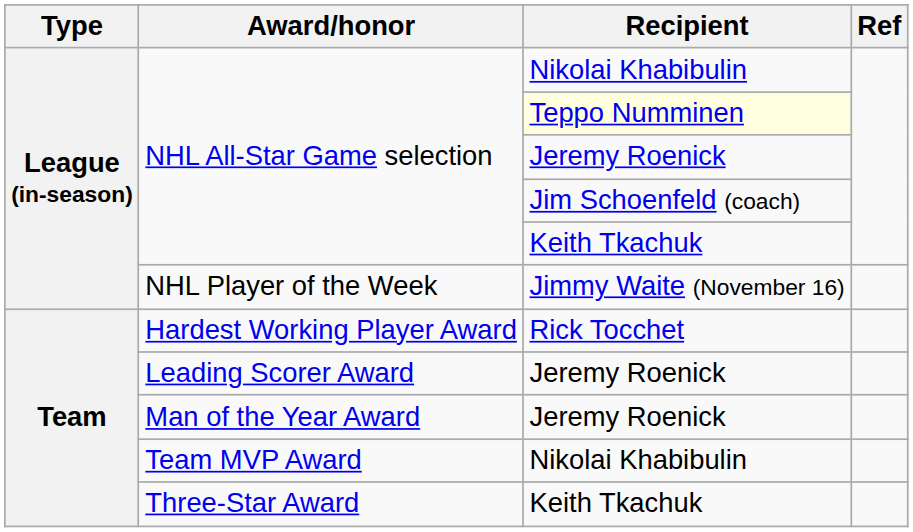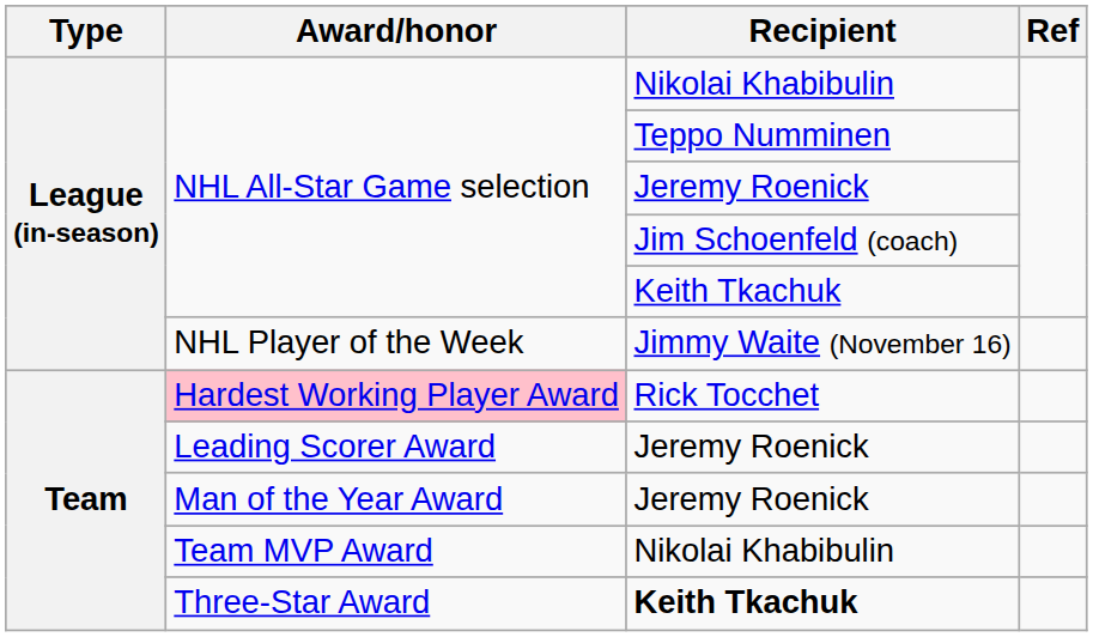 <table class="wikitable">
 <tr>
 <th scope="col">Type</th>
 <th scope="col">Award/honor</th>
 <th scope="col">Recipient</th>
 <th scope="col">Ref</th>
 </tr>
 <tr>
 <th scope="row" rowspan="6">League<br><small>(in-season)</small></th>
 <td rowspan="5"><a href='#'>NHL All-Star Game</a> selection</td>
 <td><a href='#'>Nikolai Khabibulin</a></td>
 <td rowspan="5"></td>
 </tr>
 <tr>
-<td style="background: lightyellow;"><a href='#'>Teppo Numminen</a></td>
+<td><a href='#'>Teppo Numminen</a></td>
 </tr>
 <tr>
 <td><a href='#'>Jeremy Roenick</a></td>
 </tr>
 <tr>
 <td><a href='#'>Jim Schoenfeld</a> <small>(coach)</small></td>
 </tr>
 <tr>
 <td><a href='#'>Keith Tkachuk</a></td>
 </tr>
 <tr>
 <td>NHL Player of the Week</td>
 <td><a href='#'>Jimmy Waite</a> <small>(November 16)</small></td>
 <td></td>
 </tr>
 <tr>
 <th scope="row" rowspan="5">Team</th>
-<td><a href='#'>Hardest Working Player Award</a></td>
+<td style="background: pink;"><a href='#'>Hardest Working Player Award</a></td>
 <td><a href='#'>Rick Tocchet</a></td>
 <td></td>
 </tr>
 <tr>
 <td><a href='#'>Leading Scorer Award</a></td>
 <td>Jeremy Roenick</td>
 <td></td>
 </tr>
 <tr>
 <td><a href='#'>Man of the Year Award</a></td>
 <td>Jeremy Roenick</td>
 <td></td>
 </tr>
 <tr>
 <td><a href='#'>Team MVP Award</a></td>
 <td>Nikolai Khabibulin</td>
 <td></td>
 </tr>
 <tr>
 <td><a href='#'>Three-Star Award</a></td>
-<td>Keith Tkachuk</td>
+<td><strong>Keith Tkachuk</strong></td>
 <td></td>
 </tr>
 </table>
